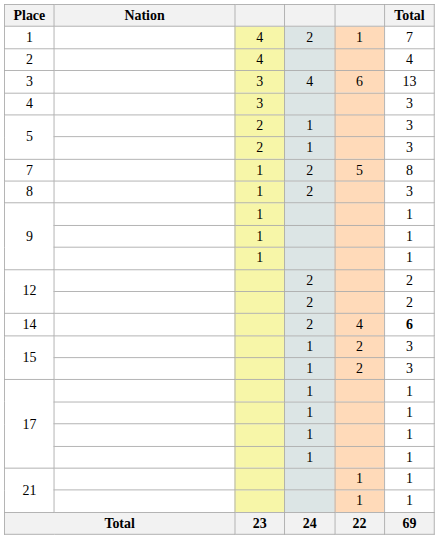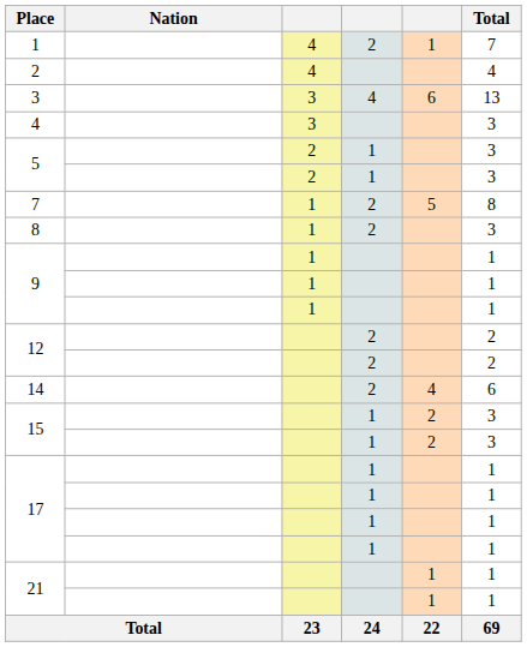 <table class="wikitable" style="border:1px solid #AAAAAA">
 <tr bgcolor="#EFEFEF">
 <th width=50>Place</th>
 <th width=200>Nation</th>
 <th width=50></th>
 <th width=50></th>
 <th width=50></th>
 <th width=50>Total</th>
 </tr>
 <tr align=center bgcolor="#FFFFFF">
 <td>1</td>
 <td align="left"></td>
 <td style="background:#F7F6A8;">4</td>
 <td style="background:#DCE5E5;">2</td>
 <td style="background:#FFDAB9;">1</td>
 <td>7</td>
 </tr>
 <tr align=center bgcolor="#FFFFFF">
 <td>2</td>
 <td align="left"></td>
 <td style="background:#F7F6A8;">4</td>
 <td style="background:#DCE5E5;"></td>
 <td style="background:#FFDAB9;"></td>
 <td>4</td>
 </tr>
 <tr align=center bgcolor="#FFFFFF">
 <td>3</td>
 <td align="left"></td>
 <td style="background:#F7F6A8;">3</td>
 <td style="background:#DCE5E5;">4</td>
 <td style="background:#FFDAB9;">6</td>
 <td>13</td>
 </tr>
 <tr align=center bgcolor="#FFFFFF">
 <td>4</td>
 <td align="left"></td>
 <td style="background:#F7F6A8;">3</td>
 <td style="background:#DCE5E5;"></td>
 <td style="background:#FFDAB9;"></td>
 <td>3</td>
 </tr>
 <tr align=center bgcolor="#FFFFFF">
 <td rowspan="2">5</td>
 <td align="left"></td>
 <td style="background:#F7F6A8;">2</td>
 <td style="background:#DCE5E5;">1</td>
 <td style="background:#FFDAB9;"></td>
 <td>3</td>
 </tr>
 <tr align=center bgcolor="#FFFFFF">
 <td align="left"></td>
 <td style="background:#F7F6A8;">2</td>
 <td style="background:#DCE5E5;">1</td>
 <td style="background:#FFDAB9;"></td>
 <td>3</td>
 </tr>
 <tr align=center bgcolor="#FFFFFF">
 <td>7</td>
 <td align="left"></td>
 <td style="background:#F7F6A8;">1</td>
 <td style="background:#DCE5E5;">2</td>
 <td style="background:#FFDAB9;">5</td>
 <td>8</td>
 </tr>
 <tr align=center bgcolor="#FFFFFF">
 <td>8</td>
 <td align="left"></td>
 <td style="background:#F7F6A8;">1</td>
 <td style="background:#DCE5E5;">2</td>
 <td style="background:#FFDAB9;"></td>
 <td>3</td>
 </tr>
 <tr align=center bgcolor="#FFFFFF">
 <td rowspan="3">9</td>
 <td align="left"></td>
 <td style="background:#F7F6A8;">1</td>
 <td style="background:#DCE5E5;"></td>
 <td style="background:#FFDAB9;"></td>
 <td>1</td>
 </tr>
 <tr align=center bgcolor="#FFFFFF">
 <td align="left"></td>
 <td style="background:#F7F6A8;">1</td>
 <td style="background:#DCE5E5;"></td>
 <td style="background:#FFDAB9;"></td>
 <td>1</td>
 </tr>
 <tr align=center bgcolor="#FFFFFF">
 <td align="left"></td>
 <td style="background:#F7F6A8;">1</td>
 <td style="background:#DCE5E5;"></td>
 <td style="background:#FFDAB9;"></td>
 <td>1</td>
 </tr>
 <tr align=center bgcolor="#FFFFFF">
 <td rowspan="2">12</td>
 <td align="left"></td>
 <td style="background:#F7F6A8;"></td>
 <td style="background:#DCE5E5;">2</td>
 <td style="background:#FFDAB9;"></td>
 <td>2</td>
 </tr>
 <tr align=center bgcolor="#FFFFFF">
 <td align="left"></td>
 <td style="background:#F7F6A8;"></td>
 <td style="background:#DCE5E5;">2</td>
 <td style="background:#FFDAB9;"></td>
 <td>2</td>
 </tr>
 <tr align=center bgcolor="#FFFFFF">
 <td>14</td>
 <td align="left"></td>
 <td style="background:#F7F6A8;"></td>
 <td style="background:#DCE5E5;">2</td>
 <td style="background:#FFDAB9;">4</td>
-<td><strong>6</strong></td>
+<td>6</td>
 </tr>
 <tr align=center bgcolor="#FFFFFF">
 <td rowspan="2">15</td>
 <td align="left"></td>
 <td style="background:#F7F6A8;"></td>
 <td style="background:#DCE5E5;">1</td>
 <td style="background:#FFDAB9;">2</td>
 <td>3</td>
 </tr>
 <tr align=center bgcolor="#FFFFFF">
 <td align="left"></td>
 <td style="background:#F7F6A8;"></td>
 <td style="background:#DCE5E5;">1</td>
 <td style="background:#FFDAB9;">2</td>
 <td>3</td>
 </tr>
 <tr align=center bgcolor="#FFFFFF">
 <td rowspan="4">17</td>
 <td align="left"></td>
 <td style="background:#F7F6A8;"></td>
 <td style="background:#DCE5E5;">1</td>
 <td style="background:#FFDAB9;"></td>
 <td>1</td>
 </tr>
 <tr align=center bgcolor="#FFFFFF">
 <td align="left"></td>
 <td style="background:#F7F6A8;"></td>
 <td style="background:#DCE5E5;">1</td>
 <td style="background:#FFDAB9;"></td>
 <td>1</td>
 </tr>
 <tr align=center bgcolor="#FFFFFF">
 <td align="left"></td>
 <td style="background:#F7F6A8;"></td>
 <td style="background:#DCE5E5;">1</td>
 <td style="background:#FFDAB9;"></td>
 <td>1</td>
 </tr>
 <tr align=center bgcolor="#FFFFFF">
 <td align="left"></td>
 <td style="background:#F7F6A8;"></td>
 <td style="background:#DCE5E5;">1</td>
 <td style="background:#FFDAB9;"></td>
 <td>1</td>
 </tr>
 <tr align=center bgcolor="#FFFFFF">
 <td rowspan="2">21</td>
 <td align="left"></td>
 <td style="background:#F7F6A8;"></td>
 <td style="background:#DCE5E5;"></td>
 <td style="background:#FFDAB9;">1</td>
 <td>1</td>
 </tr>
 <tr align=center bgcolor="#FFFFFF">
 <td align="left"></td>
 <td style="background:#F7F6A8;"></td>
 <td style="background:#DCE5E5;"></td>
 <td style="background:#FFDAB9;">1</td>
 <td>1</td>
 </tr>
 <tr>
 <th colspan="2">Total</th>
 <th>23</th>
 <th>24</th>
 <th>22</th>
 <th>69</th>
 </tr>
 </table>
